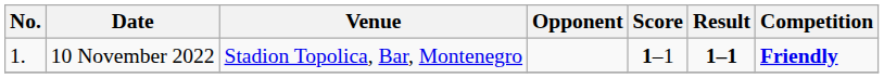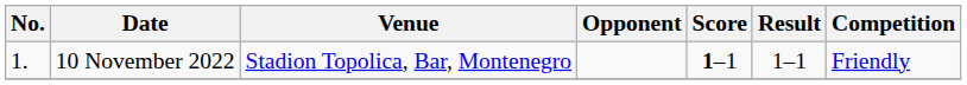 <table class="wikitable">
 <tr>
 <th>No.</th>
 <th>Date</th>
 <th>Venue</th>
 <th>Opponent</th>
 <th>Score</th>
 <th>Result</th>
 <th>Competition</th>
 </tr>
 <tr>
 <td>1.</td>
 <td>10 November 2022</td>
 <td><a href='#'>Stadion Topolica</a>, <a href='#'>Bar</a>, <a href='#'>Montenegro</a></td>
 <td></td>
 <td align=center><strong>1</strong>–1</td>
-<td align=center><strong>1–1</strong></td>
-<td><strong><a href='#'>Friendly</a></strong></td>
+<td align=center>1–1</td>
+<td><a href='#'>Friendly</a></td>
 </tr>
 <tr>
 </tr>
 </table>
